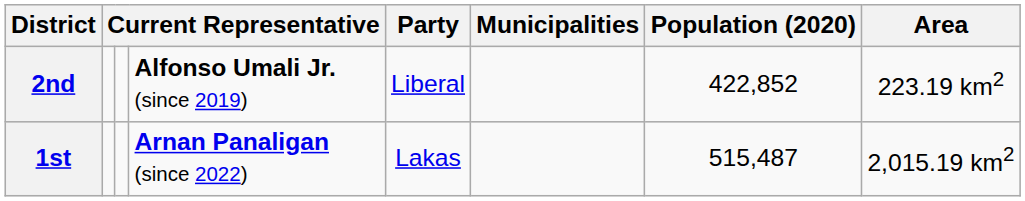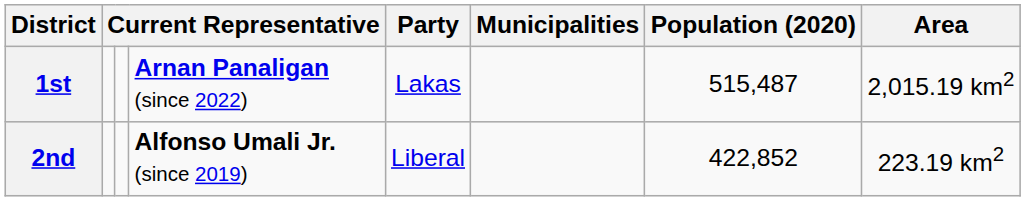 <table class="wikitable sortable" style="margin: 1em auto; font-size:100%; line-height:20px; text-align:center">
 <tr>
 <th>District</th>
 <th colspan="3">Current Representative</th>
 <th>Party</th>
 <th>Municipalities</th>
 <th>Population (2020)</th>
 <th>Area</th>
+</tr>
+<tr>
+<th><a href='#'>1st</a></th>
+<td style="background:"></td>
+<td></td>
+<td style="text-align:left;"><strong><a href='#'>Arnan Panaligan</a></strong><br><small>(since <a href='#'>2022</a>)</small></td>
+<td><a href='#'>Lakas</a></td>
+<td></td>
+<td>515,487</td>
+<td>2,015.19 km<sup>2</sup></td>
 </tr>
 <tr>
 <th><a href='#'>2nd</a></th>
 <td style="background:"></td>
 <td></td>
 <td style="text-align:left;"><strong>Alfonso Umali Jr.</strong><br><small>(since <a href='#'>2019</a>)</small></td>
 <td><a href='#'>Liberal</a></td>
 <td></td>
 <td>422,852</td>
 <td>223.19 km<sup>2</sup></td>
 </tr>
-<tr>
-<th><a href='#'>1st</a></th>
-<td style="background:"></td>
-<td></td>
-<td style="text-align:left;"><strong><a href='#'>Arnan Panaligan</a></strong><br><small>(since <a href='#'>2022</a>)</small></td>
-<td><a href='#'>Lakas</a></td>
-<td></td>
-<td>515,487</td>
-<td>2,015.19 km<sup>2</sup></td>
-</tr>
 </table>
